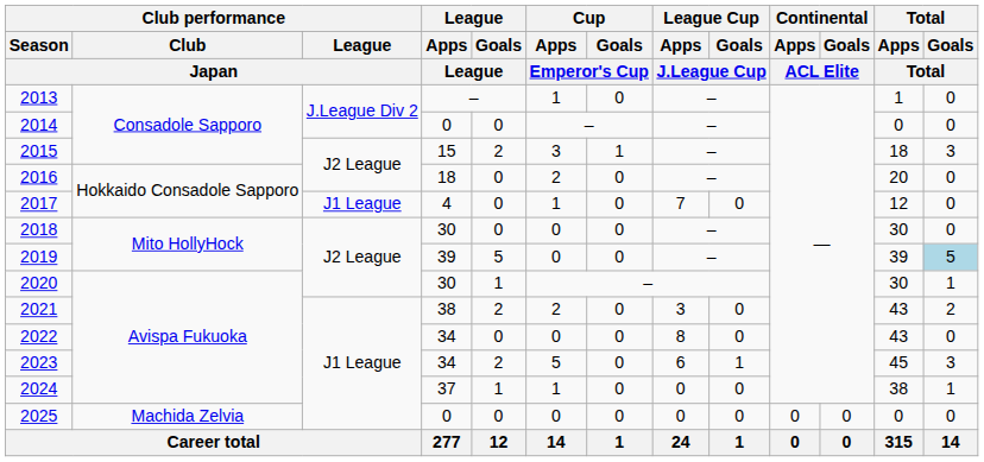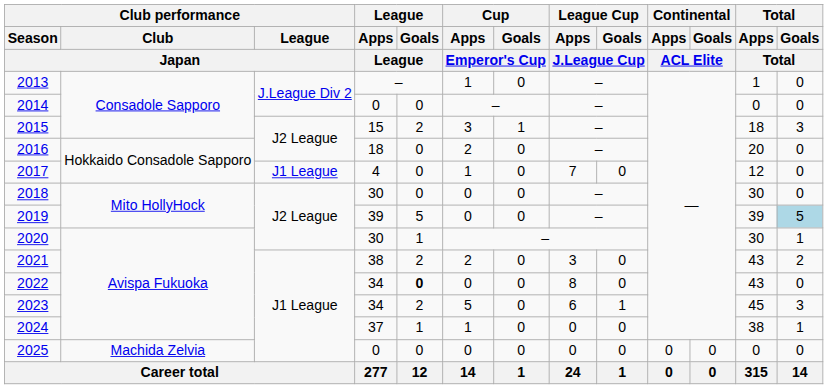 <table class="wikitable" style="text-align:center">
 <tr>
 <th colspan=3>Club performance</th>
 <th colspan=2>League</th>
 <th colspan=2>Cup</th>
 <th colspan=2>League Cup</th>
 <th colspan=2>Continental</th>
 <th colspan=2>Total</th>
 </tr>
 <tr>
 <th>Season</th>
 <th>Club</th>
 <th>League</th>
 <th>Apps</th>
 <th>Goals</th>
 <th>Apps</th>
 <th>Goals</th>
 <th>Apps</th>
 <th>Goals</th>
 <th>Apps</th>
 <th>Goals</th>
 <th>Apps</th>
 <th>Goals</th>
 </tr>
 <tr>
 <th colspan=3>Japan</th>
 <th colspan=2>League</th>
 <th colspan=2><a href='#'>Emperor's Cup</a></th>
 <th colspan=2><a href='#'>J.League Cup</a></th>
 <th colspan=2><a href='#'>ACL Elite</a></th>
 <th colspan=2>Total</th>
 </tr>
 <tr>
 <td><a href='#'>2013</a></td>
 <td rowspan="3"><a href='#'>Consadole Sapporo</a></td>
 <td rowspan="2"><a href='#'>J.League Div 2</a></td>
 <td colspan="2">–</td>
 <td>1</td>
 <td>0</td>
 <td colspan="2">–</td>
 <td rowspan="12" colspan="2">—</td>
 <td>1</td>
 <td>0</td>
 </tr>
 <tr>
 <td><a href='#'>2014</a></td>
 <td>0</td>
 <td>0</td>
 <td colspan="2">–</td>
 <td colspan="2">–</td>
 <td>0</td>
 <td>0</td>
 </tr>
 <tr>
 <td><a href='#'>2015</a></td>
 <td rowspan="2">J2 League</td>
 <td>15</td>
 <td>2</td>
 <td>3</td>
 <td>1</td>
 <td colspan="2">–</td>
 <td>18</td>
 <td>3</td>
 </tr>
 <tr>
 <td><a href='#'>2016</a></td>
 <td rowspan="2">Hokkaido Consadole Sapporo</td>
 <td>18</td>
 <td>0</td>
 <td>2</td>
 <td>0</td>
 <td colspan="2">–</td>
 <td>20</td>
 <td>0</td>
 </tr>
 <tr>
 <td><a href='#'>2017</a></td>
 <td><a href='#'>J1 League</a></td>
 <td>4</td>
 <td>0</td>
 <td>1</td>
 <td>0</td>
 <td>7</td>
 <td>0</td>
 <td>12</td>
 <td>0</td>
 </tr>
 <tr>
 <td><a href='#'>2018</a></td>
 <td rowspan="2"><a href='#'>Mito HollyHock</a></td>
 <td rowspan="3">J2 League</td>
 <td>30</td>
 <td>0</td>
 <td>0</td>
 <td>0</td>
 <td colspan="2">–</td>
 <td>30</td>
 <td>0</td>
 </tr>
 <tr>
 <td><a href='#'>2019</a></td>
 <td>39</td>
 <td>5</td>
 <td>0</td>
 <td>0</td>
 <td colspan="2">–</td>
 <td>39</td>
 <td style="background: lightblue;">5</td>
 </tr>
 <tr>
 <td><a href='#'>2020</a></td>
 <td rowspan="5"><a href='#'>Avispa Fukuoka</a></td>
 <td>30</td>
 <td>1</td>
 <td colspan="4">–</td>
 <td>30</td>
 <td>1</td>
 </tr>
 <tr>
 <td><a href='#'>2021</a></td>
 <td rowspan="5">J1 League</td>
 <td>38</td>
 <td>2</td>
 <td>2</td>
 <td>0</td>
 <td>3</td>
 <td>0</td>
 <td>43</td>
 <td>2</td>
 </tr>
 <tr>
 <td><a href='#'>2022</a></td>
 <td>34</td>
-<td>0</td>
+<td><strong>0</strong></td>
 <td>0</td>
 <td>0</td>
 <td>8</td>
 <td>0</td>
 <td>43</td>
 <td>0</td>
 </tr>
 <tr>
 <td><a href='#'>2023</a></td>
 <td>34</td>
 <td>2</td>
 <td>5</td>
 <td>0</td>
 <td>6</td>
 <td>1</td>
 <td>45</td>
 <td>3</td>
 </tr>
 <tr>
 <td><a href='#'>2024</a></td>
 <td>37</td>
 <td>1</td>
 <td>1</td>
 <td>0</td>
 <td>0</td>
 <td>0</td>
 <td>38</td>
 <td>1</td>
 </tr>
 <tr>
 <td><a href='#'>2025</a></td>
 <td><a href='#'>Machida Zelvia</a></td>
 <td>0</td>
 <td>0</td>
 <td>0</td>
 <td>0</td>
 <td>0</td>
 <td>0</td>
 <td>0</td>
 <td>0</td>
 <td>0</td>
 <td>0</td>
 </tr>
 <tr>
 <th colspan="3">Career total</th>
 <th>277</th>
 <th>12</th>
 <th>14</th>
 <th>1</th>
 <th>24</th>
 <th>1</th>
 <th>0</th>
 <th>0</th>
 <th>315</th>
 <th>14</th>
 </tr>
 </table>
